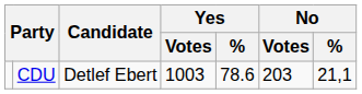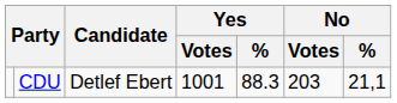 <table class="wikitable">
 <tr>
 <th colspan="2" rowspan="2">Party</th>
 <th rowspan="2">Candidate</th>
 <th colspan="2">Yes</th>
 <th colspan="2">No</th>
 </tr>
 <tr>
 <th>Votes</th>
 <th>%</th>
 <th>Votes</th>
 <th>%</th>
 </tr>
 <tr>
 <td style="background:"></td>
 <td><a href='#'>CDU</a></td>
 <td>Detlef Ebert</td>
-<td>1003</td>
-<td>78.6</td>
+<td>1001</td>
+<td>88.3</td>
 <td>203</td>
 <td>21,1</td>
 </tr>
 </table>
